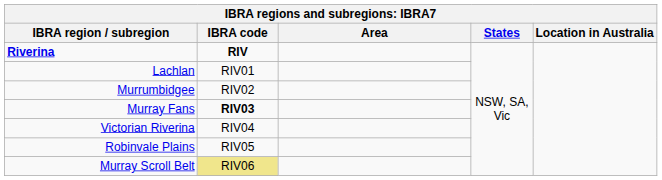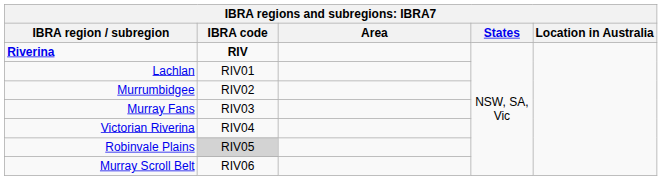 <table class="wikitable sortable">
 <tr>
 <th rowwidth=100px colspan=5>IBRA regions and subregions: IBRA7</th>
 </tr>
 <tr>
 <th scope="col" style="width:250px;">IBRA region / subregion</th>
 <th scope="col" style="width:100px;">IBRA code</th>
 <th scope="col" style="width:250px;">Area</th>
 <th scope="col" style="width:75px;"><a href='#'>States</a></th>
 <th>Location in Australia</th>
 </tr>
 <tr>
 <td><strong><a href='#'>Riverina</a></strong></td>
 <td style="text-align:center;"><strong>RIV</strong></td>
 <td align="right"><strong></strong></td>
 <td style="text-align:center;" rowspan="7">NSW, SA, Vic</td>
 <td style="text-align:center;" rowspan="7"></td>
 </tr>
 <tr>
 <td align="right"><a href='#'>Lachlan</a></td>
 <td style="text-align:center;">RIV01</td>
 <td align="right"></td>
 </tr>
 <tr>
 <td align="right"><a href='#'>Murrumbidgee</a></td>
 <td style="text-align:center;">RIV02</td>
 <td align="right"></td>
 </tr>
 <tr>
 <td align="right"><a href='#'>Murray Fans</a></td>
-<td style="text-align:center;"><strong>RIV03</strong></td>
+<td style="text-align:center;">RIV03</td>
 <td align="right"></td>
 </tr>
 <tr>
 <td align="right"><a href='#'>Victorian Riverina</a></td>
 <td style="text-align:center;">RIV04</td>
 <td align="right"></td>
 </tr>
 <tr>
 <td align="right"><a href='#'>Robinvale Plains</a></td>
-<td style="text-align:center;">RIV05</td>
+<td style="background: lightgrey; text-align:center;">RIV05</td>
 <td align="right"></td>
 </tr>
 <tr>
 <td align="right"><a href='#'>Murray Scroll Belt</a></td>
-<td style="background: khaki; text-align:center;">RIV06</td>
+<td style="text-align:center;">RIV06</td>
 <td align="right"></td>
 </tr>
 </table>
